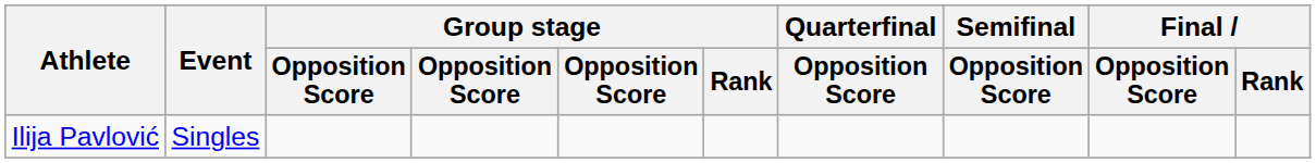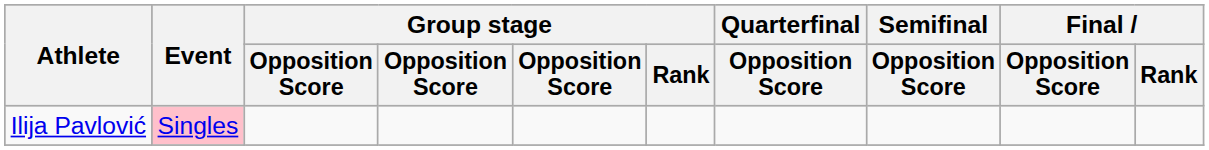 <table class="wikitable" style="font-size:90%">
 <tr>
 <th rowspan=2>Athlete</th>
 <th rowspan=2>Event</th>
 <th colspan=4>Group stage</th>
 <th>Quarterfinal</th>
 <th>Semifinal</th>
 <th colspan=2>Final / </th>
 </tr>
 <tr style="font-size:95%">
 <th>Opposition<br>Score</th>
 <th>Opposition<br>Score</th>
 <th>Opposition<br>Score</th>
 <th>Rank</th>
 <th>Opposition<br>Score</th>
 <th>Opposition<br>Score</th>
 <th>Opposition<br>Score</th>
 <th>Rank</th>
 </tr>
 <tr align=center>
 <td align=left><a href='#'>Ilija Pavlović</a></td>
-<td align=left><a href='#'>Singles</a></td>
+<td align=left style="background: pink;"><a href='#'>Singles</a></td>
 <td></td>
 <td></td>
 <td></td>
 <td></td>
 <td></td>
 <td></td>
 <td></td>
 <td></td>
 </tr>
 </table>
